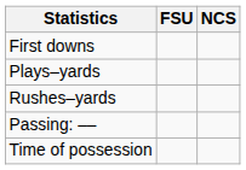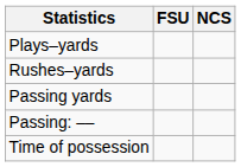 <table class="wikitable" style="float:left">
 <tr>
 <th>Statistics</th>
 <th>FSU</th>
 <th>NCS</th>
-</tr>
-<tr>
-<td>First downs</td>
-<td></td>
-<td></td>
 </tr>
 <tr>
 <td>Plays–yards</td>
 <td></td>
 <td></td>
 </tr>
 <tr>
 <td>Rushes–yards</td>
+<td></td>
+<td></td>
+</tr>
+<tr>
+<td>Passing yards</td>
 <td></td>
 <td></td>
 </tr>
 <tr>
 <td>Passing: ––</td>
 <td></td>
 <td></td>
 </tr>
 <tr>
 <td>Time of possession</td>
 <td></td>
 <td></td>
 </tr>
 </table>
